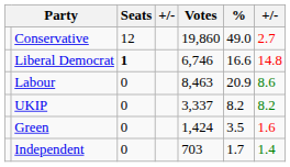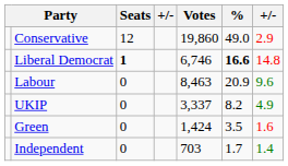 <table class="wikitable sortable">
 <tr>
 <th colspan="2">Party</th>
 <th>Seats</th>
 <th>+/-</th>
 <th>Votes</th>
 <th>%</th>
 <th>+/-</th>
 </tr>
 <tr>
 <td style="background-color: "></td>
 <td><a href='#'>Conservative</a></td>
 <td>12</td>
 <td></td>
 <td>19,860</td>
 <td>49.0</td>
-<td style="color:red">2.7</td>
+<td style="color:red">2.9</td>
 </tr>
 <tr>
 <td style="background-color: "></td>
 <td><a href='#'>Liberal Democrat</a></td>
 <td><strong>1</strong></td>
 <td></td>
 <td>6,746</td>
-<td>16.6</td>
+<td><strong>16.6</strong></td>
 <td style="color:red">14.8</td>
 </tr>
 <tr>
 <td style="background-color: "></td>
 <td><a href='#'>Labour</a></td>
 <td>0</td>
 <td></td>
 <td>8,463</td>
 <td>20.9</td>
-<td style="color:green">8.6</td>
+<td style="color:green">9.6</td>
 </tr>
 <tr>
 <td style="background-color: "></td>
 <td><a href='#'>UKIP</a></td>
 <td>0</td>
 <td></td>
 <td>3,337</td>
 <td>8.2</td>
-<td style="color:green">8.2</td>
+<td style="color:green">4.9</td>
 </tr>
 <tr>
 <td style="background-color: "></td>
 <td><a href='#'>Green</a></td>
 <td>0</td>
 <td></td>
 <td>1,424</td>
 <td>3.5</td>
 <td style="color:red">1.6</td>
 </tr>
 <tr>
 <td style="background-color: "></td>
 <td><a href='#'>Independent</a></td>
 <td>0</td>
 <td></td>
 <td>703</td>
 <td>1.7</td>
 <td style="color:green">1.4</td>
 </tr>
 </table>
